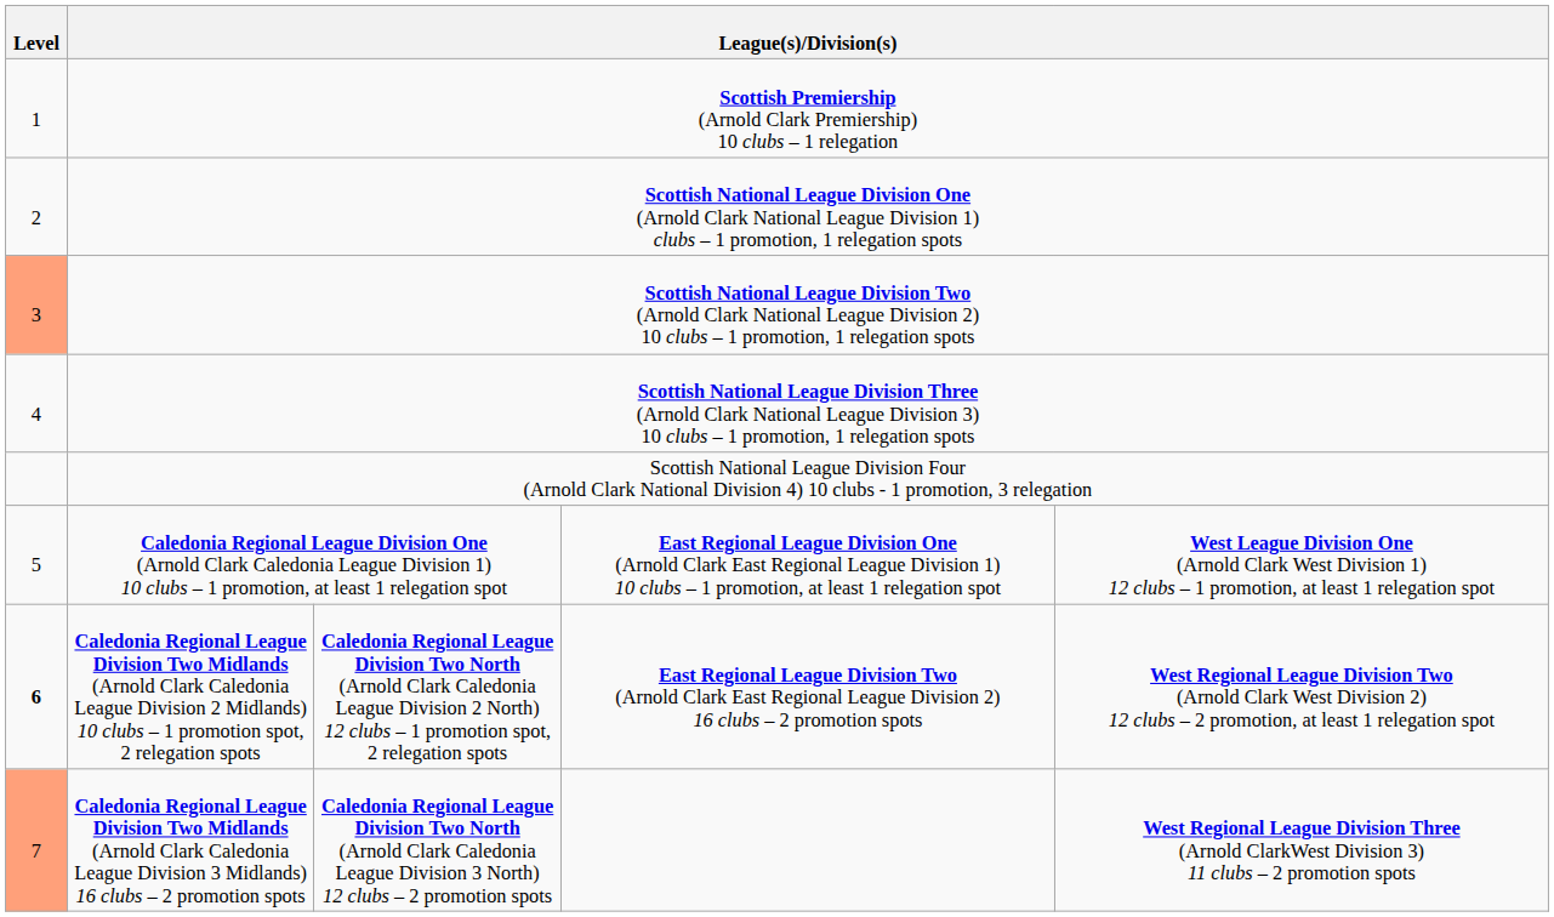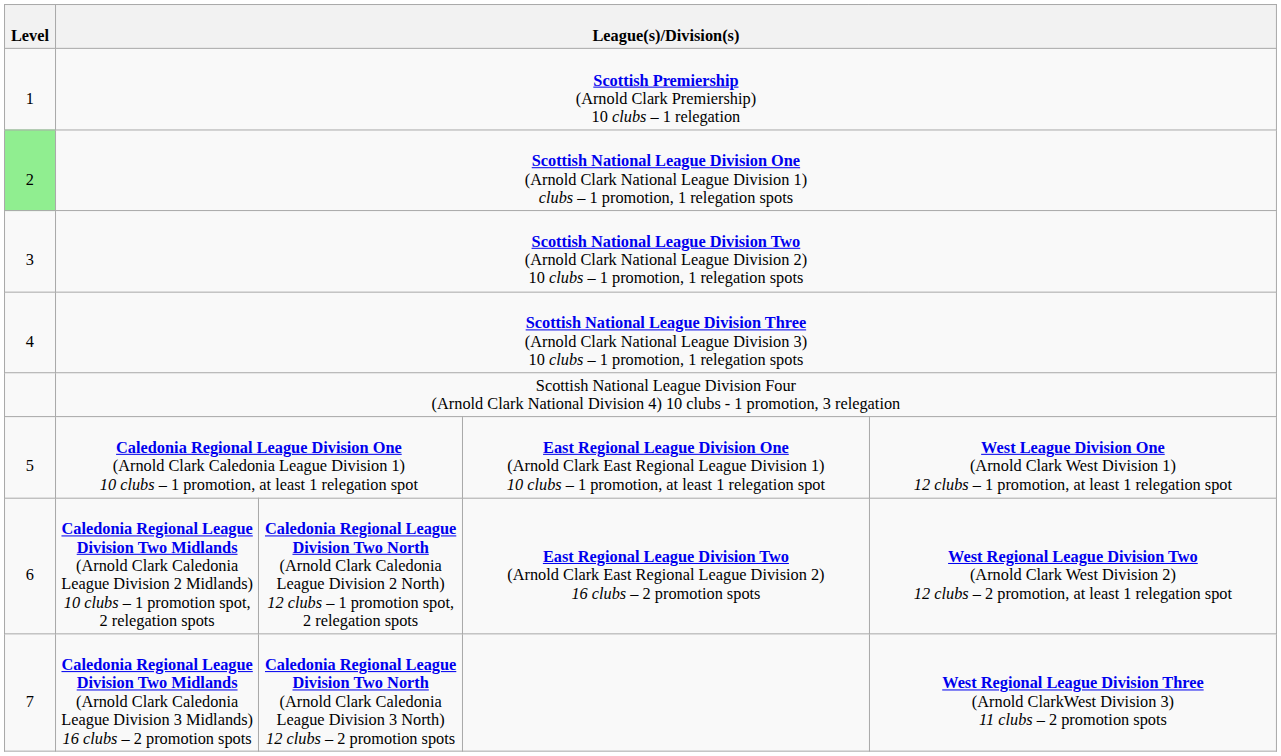 <table class="wikitable" style="text-align: center;">
 <tr>
 <th colspan="1" width="4%"><br>Level</th>
 <th colspan="4" width="96%"><br>League(s)/Division(s)</th>
 </tr>
 <tr>
 <td colspan="1" width="4%"><br>1</td>
 <td colspan="4" width="96%"><br><strong><a href='#'>Scottish Premiership</a></strong><br> (Arnold Clark Premiership)<br> 10 <em>clubs</em> – 1 relegation</td>
 </tr>
 <tr>
-<td colspan="1" width="4%"><br>2</td>
+<td colspan="1" width="4%" style="background: lightgreen;"><br>2</td>
 <td colspan="4" width="96%"><br><strong><a href='#'>Scottish National League Division One</a></strong><br> (Arnold Clark National League Division 1)<br> <em>clubs</em> – 1 promotion, 1 relegation spots</td>
 </tr>
 <tr>
-<td colspan="1" width="4%" style="background: lightsalmon;"><br>3</td>
+<td colspan="1" width="4%"><br>3</td>
 <td colspan="4" width="96%"><br><strong><a href='#'>Scottish National League Division Two</a></strong><br> (Arnold Clark National League Division 2)<br> 10 <em>clubs</em> – 1 promotion, 1 relegation spots</td>
 </tr>
 <tr>
 <td colspan="1" width="4%"><br>4</td>
 <td colspan="4" width="96%"><br><strong><a href='#'>Scottish National League Division Three</a></strong><br> (Arnold Clark National League Division 3)<br> 10 <em>clubs</em> – 1 promotion, 1 relegation spots</td>
 </tr>
 <tr>
 <td></td>
 <td colspan="4">Scottish National League Division Four<br>(Arnold Clark National Division 4) 10 clubs - 1 promotion, 3 relegation</td>
 </tr>
 <tr>
 <td colspan="1" width="4%"><br>5</td>
 <td colspan="2" width="32%"><br><strong><a href='#'>Caledonia Regional League Division One</a></strong><br> (Arnold Clark Caledonia League Division 1)<br> <em>10 clubs</em> – 1 promotion, at least 1 relegation spot</td>
 <td width="32%"><br><strong><a href='#'>East Regional League Division One</a></strong><br> (Arnold Clark East Regional League Division 1)<br> <em>10 clubs</em> – 1 promotion, at least 1 relegation spot</td>
 <td width="32%"><br><strong><a href='#'>West League Division One</a></strong><br> (Arnold Clark West Division 1)<br> <em>12 clubs</em> – 1 promotion, at least 1 relegation spot</td>
 </tr>
 <tr>
-<td colspan="1" width="4%"><strong><br>6</strong></td>
+<td colspan="1" width="4%"><br>6</td>
 <td colspan="1" width="16%"><br><strong><a href='#'>Caledonia Regional League Division Two Midlands</a></strong><br> (Arnold Clark Caledonia League Division 2 Midlands)<br> <em>10 clubs</em> – 1 promotion spot, 2 relegation spots</td>
 <td colspan="1" width="16%"><br><strong><a href='#'>Caledonia Regional League Division Two North</a></strong><br> (Arnold Clark Caledonia League Division 2 North)<br> <em>12 clubs</em> – 1 promotion spot, 2 relegation spots</td>
 <td width="32%"><br><strong><a href='#'>East Regional League Division Two</a></strong><br> (Arnold Clark East Regional League Division 2)<br> <em>16 clubs</em> – 2 promotion spots</td>
 <td width="32%"><br><strong><a href='#'>West Regional League Division Two</a></strong><br> (Arnold Clark West Division 2)<br> <em>12 clubs</em> – 2 promotion, at least 1 relegation spot</td>
 </tr>
 <tr>
-<td colspan="1" width="4%" style="background: lightsalmon;"><br>7</td>
+<td colspan="1" width="4%"><br>7</td>
 <td colspan="1" width="16%"><br><strong><a href='#'>Caledonia Regional League Division Two Midlands</a></strong><br> (Arnold Clark Caledonia League Division 3 Midlands)<br> <em>16 clubs</em> – 2 promotion spots</td>
 <td colspan="1" width="16%"><br><strong><a href='#'>Caledonia Regional League Division Two North</a></strong><br> (Arnold Clark Caledonia League Division 3 North)<br> <em>12 clubs</em> – 2 promotion spots</td>
 <td width="32%"></td>
 <td width="32%"><br><strong><a href='#'>West Regional League Division Three</a></strong><br> (Arnold ClarkWest Division 3)<br> <em>11 clubs</em> – 2 promotion spots</td>
 </tr>
 </table>
